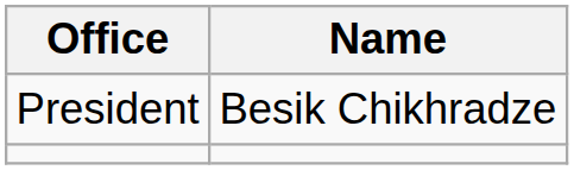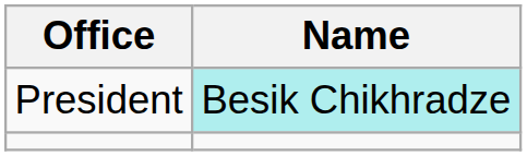 <table class="wikitable" style="text-align: center">
 <tr>
 <th rowspan="1">Office</th>
 <th rowspan="1">Name</th>
 </tr>
 <tr>
 <td>President</td>
-<td>Besik Chikhradze</td>
+<td style="background: paleturquoise;">Besik Chikhradze</td>
 </tr>
 <tr>
 <td Vice-president></td>
 </tr>
 </table>
